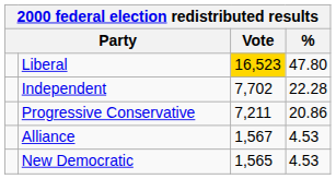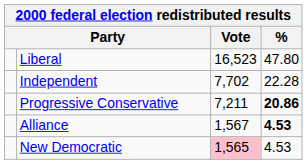 <table class="wikitable">
 <tr>
 <th colspan="4"><a href='#'>2000 federal election</a> redistributed results</th>
 </tr>
 <tr>
 <th bgcolor="#DDDDFF" width="230px" colspan="2">Party</th>
 <th bgcolor="#DDDDFF" width="50px">Vote</th>
 <th bgcolor="#DDDDFF" width="30px">%</th>
 </tr>
 <tr>
 <td> </td>
 <td><a href='#'>Liberal</a></td>
-<td style="background: gold;">16,523</td>
+<td>16,523</td>
 <td>47.80</td>
 </tr>
 <tr>
 <td> </td>
 <td><a href='#'>Independent</a></td>
 <td>7,702</td>
 <td>22.28</td>
 </tr>
 <tr>
 <td> </td>
 <td><a href='#'>Progressive Conservative</a></td>
 <td>7,211</td>
-<td>20.86</td>
+<td><strong>20.86</strong></td>
 </tr>
 <tr>
 <td> </td>
 <td><a href='#'>Alliance</a></td>
 <td>1,567</td>
-<td>4.53</td>
+<td><strong>4.53</strong></td>
 </tr>
 <tr>
 <td> </td>
 <td><a href='#'>New Democratic</a></td>
-<td>1,565</td>
+<td style="background: pink;">1,565</td>
 <td>4.53</td>
 </tr>
 </table>
